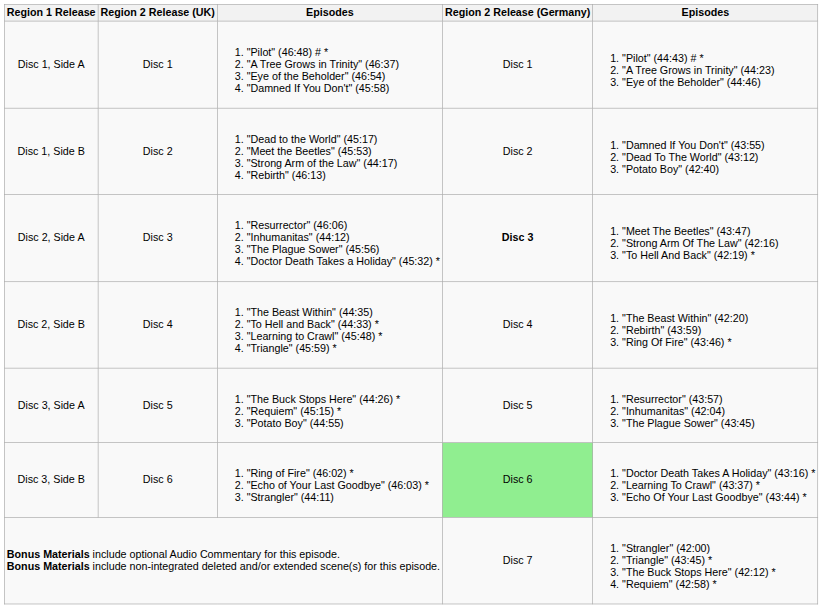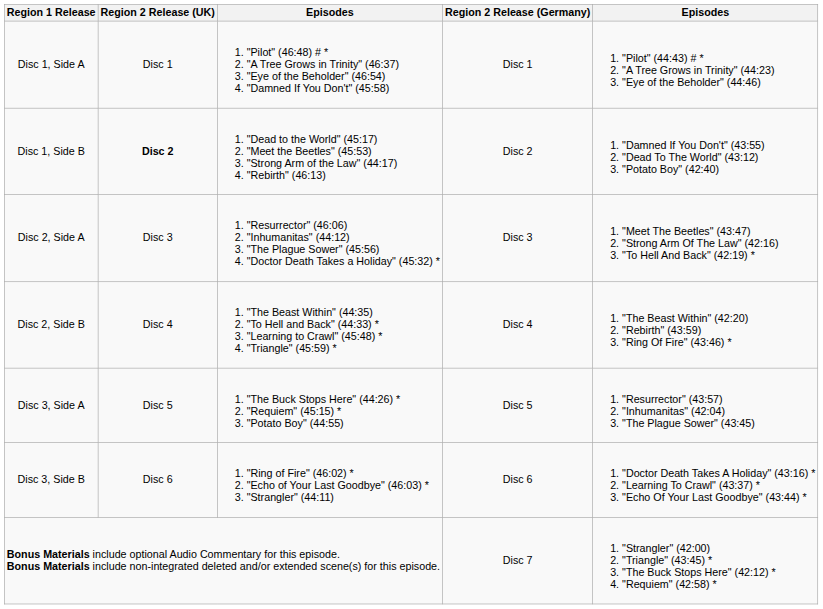 <table class="wikitable">
 <tr>
 <th>Region 1 Release</th>
 <th>Region 2 Release (UK)</th>
 <th>Episodes</th>
 <th>Region 2 Release (Germany)</th>
 <th>Episodes</th>
 </tr>
 <tr>
 <td align="center">Disc 1, Side A</td>
 <td align="center">Disc 1</td>
 <td><br><ol><li>"Pilot" (46:48) # *</li><li>"A Tree Grows in Trinity" (46:37)</li><li>"Eye of the Beholder" (46:54)</li><li>"Damned If You Don't" (45:58)</li></ol></td>
 <td align="center">Disc 1</td>
 <td><br><ol><li>"Pilot" (44:43) # *</li><li>"A Tree Grows in Trinity" (44:23)</li><li>"Eye of the Beholder" (44:46)</li></ol></td>
 </tr>
 <tr>
 <td align="center">Disc 1, Side B</td>
-<td align="center">Disc 2</td>
+<td align="center"><strong>Disc 2</strong></td>
 <td><br><ol><li>"Dead to the World" (45:17)</li><li>"Meet the Beetles" (45:53)</li><li>"Strong Arm of the Law" (44:17)</li><li>"Rebirth" (46:13)</li></ol></td>
 <td align="center">Disc 2</td>
 <td><br><ol><li>"Damned If You Don't" (43:55)</li><li>"Dead To The World" (43:12)</li><li>"Potato Boy" (42:40)</li></ol></td>
 </tr>
 <tr>
 <td align="center">Disc 2, Side A</td>
 <td align="center">Disc 3</td>
 <td><br><ol><li>"Resurrector" (46:06)</li><li>"Inhumanitas" (44:12)</li><li>"The Plague Sower" (45:56)</li><li>"Doctor Death Takes a Holiday" (45:32) *</li></ol></td>
-<td align="center"><strong>Disc 3</strong></td>
+<td align="center">Disc 3</td>
 <td><br><ol><li>"Meet The Beetles" (43:47)</li><li>"Strong Arm Of The Law" (42:16)</li><li>"To Hell And Back" (42:19) *</li></ol></td>
 </tr>
 <tr>
 <td align="center">Disc 2, Side B</td>
 <td align="center">Disc 4</td>
 <td><br><ol><li>"The Beast Within" (44:35)</li><li>"To Hell and Back" (44:33) *</li><li>"Learning to Crawl" (45:48) *</li><li>"Triangle" (45:59) *</li></ol></td>
 <td align="center">Disc 4</td>
 <td><br><ol><li>"The Beast Within" (42:20)</li><li>"Rebirth" (43:59)</li><li>"Ring Of Fire" (43:46) *</li></ol></td>
 </tr>
 <tr>
 <td align="center">Disc 3, Side A</td>
 <td align="center">Disc 5</td>
 <td><br><ol><li>"The Buck Stops Here" (44:26) *</li><li>"Requiem" (45:15) *</li><li>"Potato Boy" (44:55)</li></ol></td>
 <td align="center">Disc 5</td>
 <td><br><ol><li>"Resurrector" (43:57)</li><li>"Inhumanitas" (42:04)</li><li>"The Plague Sower" (43:45)</li></ol></td>
 </tr>
 <tr>
 <td align="center">Disc 3, Side B</td>
 <td align="center">Disc 6</td>
 <td><br><ol><li>"Ring of Fire" (46:02) *</li><li>"Echo of Your Last Goodbye" (46:03) *</li><li>"Strangler" (44:11)</li></ol></td>
-<td align="center" style="background: lightgreen;">Disc 6</td>
+<td align="center">Disc 6</td>
 <td><br><ol><li>"Doctor Death Takes A Holiday" (43:16) *</li><li>"Learning To Crawl" (43:37) *</li><li>"Echo Of Your Last Goodbye" (43:44) *</li></ol></td>
 </tr>
 <tr>
 <td colspan="3"> <strong>Bonus Materials</strong> include optional Audio Commentary for this episode.<br> <strong>Bonus Materials</strong> include non-integrated deleted and/or extended scene(s) for this episode.</td>
 <td align="center">Disc 7</td>
 <td><br><ol><li>"Strangler" (42:00)</li><li>"Triangle" (43:45) *</li><li>"The Buck Stops Here" (42:12) *</li><li>"Requiem" (42:58) *</li></ol></td>
 </tr>
 </table>
